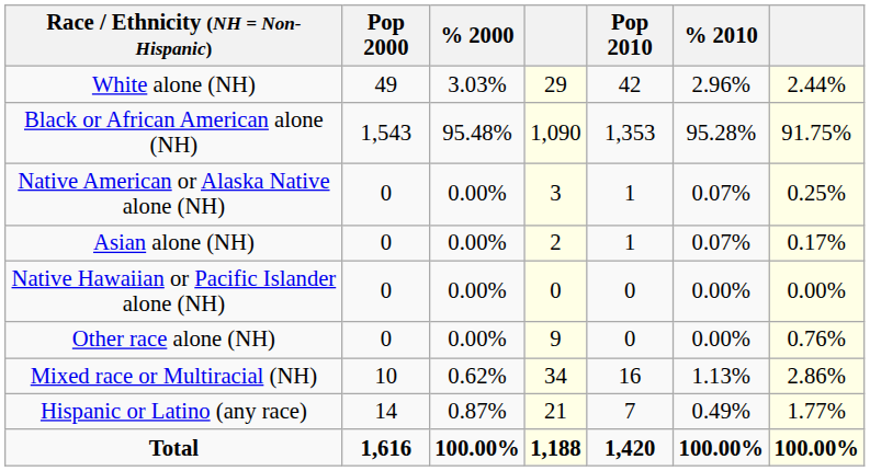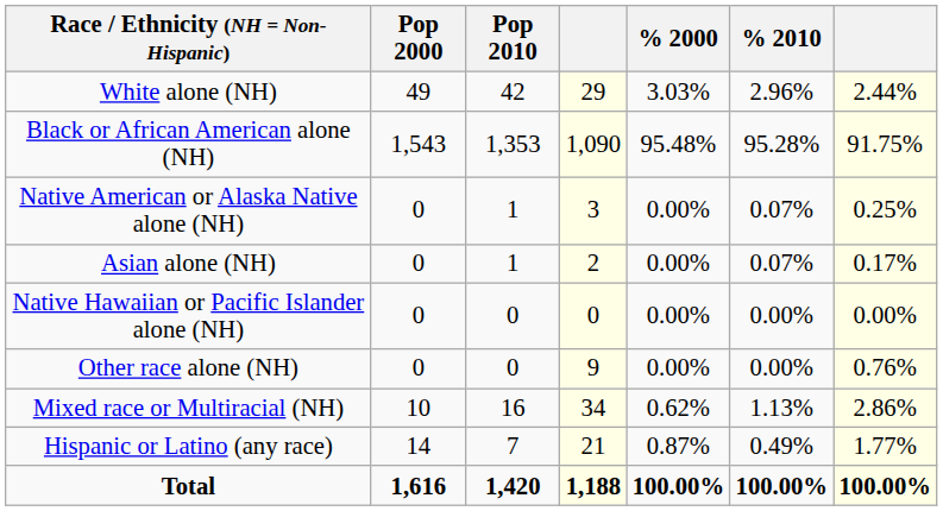 <table class="wikitable" style="text-align:center;">
 <tr>
 <th>Race / Ethnicity <small>(<em>NH = Non-Hispanic</em>)</small></th>
 <th>Pop 2000</th>
+<th>Pop 2010</th>
+<th></th>
 <th>% 2000</th>
-<th></th>
-<th>Pop 2010</th>
 <th>% 2010</th>
 <th></th>
 </tr>
 <tr>
 <td><a href='#'>White</a> alone (NH)</td>
 <td>49</td>
+<td>42</td>
+<td style='background: #ffffe6;'>29</td>
 <td>3.03%</td>
-<td style='background: #ffffe6;'>29</td>
-<td>42</td>
 <td>2.96%</td>
 <td style='background: #ffffe6;'>2.44%</td>
 </tr>
 <tr>
 <td><a href='#'>Black or African American</a> alone (NH)</td>
 <td>1,543</td>
+<td>1,353</td>
+<td style='background: #ffffe6;'>1,090</td>
 <td>95.48%</td>
-<td style='background: #ffffe6;'>1,090</td>
-<td>1,353</td>
 <td>95.28%</td>
 <td style='background: #ffffe6;'>91.75%</td>
 </tr>
 <tr>
 <td><a href='#'>Native American</a> or <a href='#'>Alaska Native</a> alone (NH)</td>
 <td>0</td>
+<td>1</td>
+<td style='background: #ffffe6;'>3</td>
 <td>0.00%</td>
-<td style='background: #ffffe6;'>3</td>
-<td>1</td>
 <td>0.07%</td>
 <td style='background: #ffffe6;'>0.25%</td>
 </tr>
 <tr>
 <td><a href='#'>Asian</a> alone (NH)</td>
 <td>0</td>
+<td>1</td>
+<td style='background: #ffffe6;'>2</td>
 <td>0.00%</td>
-<td style='background: #ffffe6;'>2</td>
-<td>1</td>
 <td>0.07%</td>
 <td style='background: #ffffe6;'>0.17%</td>
 </tr>
 <tr>
 <td><a href='#'>Native Hawaiian</a> or <a href='#'>Pacific Islander</a> alone (NH)</td>
 <td>0</td>
+<td>0</td>
+<td style='background: #ffffe6;'>0</td>
 <td>0.00%</td>
-<td style='background: #ffffe6;'>0</td>
-<td>0</td>
 <td>0.00%</td>
 <td style='background: #ffffe6;'>0.00%</td>
 </tr>
 <tr>
 <td><a href='#'>Other race</a> alone (NH)</td>
 <td>0</td>
+<td>0</td>
+<td style='background: #ffffe6;'>9</td>
 <td>0.00%</td>
-<td style='background: #ffffe6;'>9</td>
-<td>0</td>
 <td>0.00%</td>
 <td style='background: #ffffe6;'>0.76%</td>
 </tr>
 <tr>
 <td><a href='#'>Mixed race or Multiracial</a> (NH)</td>
 <td>10</td>
+<td>16</td>
+<td style='background: #ffffe6;'>34</td>
 <td>0.62%</td>
-<td style='background: #ffffe6;'>34</td>
-<td>16</td>
 <td>1.13%</td>
 <td style='background: #ffffe6;'>2.86%</td>
 </tr>
 <tr>
 <td><a href='#'>Hispanic or Latino</a> (any race)</td>
 <td>14</td>
+<td>7</td>
+<td style='background: #ffffe6;'>21</td>
 <td>0.87%</td>
-<td style='background: #ffffe6;'>21</td>
-<td>7</td>
 <td>0.49%</td>
 <td style='background: #ffffe6;'>1.77%</td>
 </tr>
 <tr>
 <td><strong>Total</strong></td>
 <td><strong>1,616</strong></td>
+<td><strong>1,420</strong></td>
+<td style='background: #ffffe6;'><strong>1,188</strong></td>
 <td><strong>100.00%</strong></td>
-<td style='background: #ffffe6;'><strong>1,188</strong></td>
-<td><strong>1,420</strong></td>
 <td><strong>100.00%</strong></td>
 <td style='background: #ffffe6;'><strong>100.00%</strong></td>
 </tr>
 </table>
